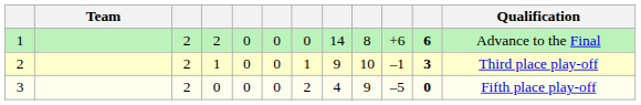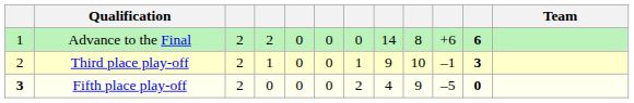 <table class="wikitable" style="text-align: center;">
 <tr>
 <th width="25"></th>
-<th width="140">Team</th>
+<th width="200">Qualification</th>
 <th width="25"></th>
 <th width="25"></th>
 <th width="25"></th>
 <th width="25"></th>
 <th width="25"></th>
 <th width="25"></th>
 <th width="25"></th>
 <th width="25"></th>
 <th width="25"></th>
-<th width="200">Qualification</th>
+<th width="140">Team</th>
 </tr>
 <tr style="background-color: #bbf3bb;">
 <td>1</td>
-<td align=left></td>
+<td>Advance to the <a href='#'>Final</a></td>
 <td>2</td>
 <td>2</td>
 <td>0</td>
 <td>0</td>
 <td>0</td>
 <td>14</td>
 <td>8</td>
 <td>+6</td>
 <td><strong>6</strong></td>
-<td>Advance to the <a href='#'>Final</a></td>
+<td align=left></td>
 </tr>
 <tr style="background-color: #FFFFCC;">
 <td>2</td>
-<td align=left></td>
+<td><a href='#'>Third place play-off</a></td>
 <td>2</td>
 <td>1</td>
 <td>0</td>
 <td>0</td>
 <td>1</td>
 <td>9</td>
 <td>10</td>
 <td>–1</td>
 <td><strong>3</strong></td>
-<td><a href='#'>Third place play-off</a></td>
+<td align=left></td>
 </tr>
 <tr style="background-color: #FFFFEE;">
-<td>3</td>
-<td align=left></td>
+<td><strong>3</strong></td>
+<td><a href='#'>Fifth place play-off</a></td>
 <td>2</td>
 <td>0</td>
 <td>0</td>
 <td>0</td>
 <td>2</td>
 <td>4</td>
 <td>9</td>
 <td>–5</td>
 <td><strong>0</strong></td>
-<td><a href='#'>Fifth place play-off</a></td>
+<td align=left></td>
 </tr>
 </table>
